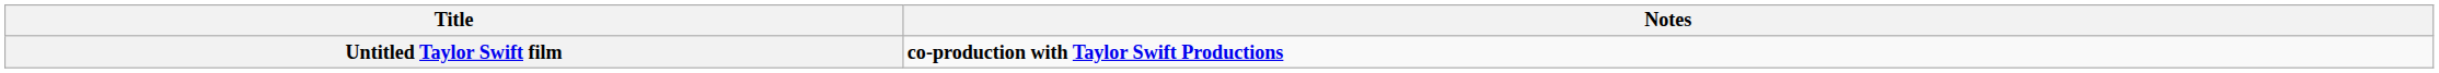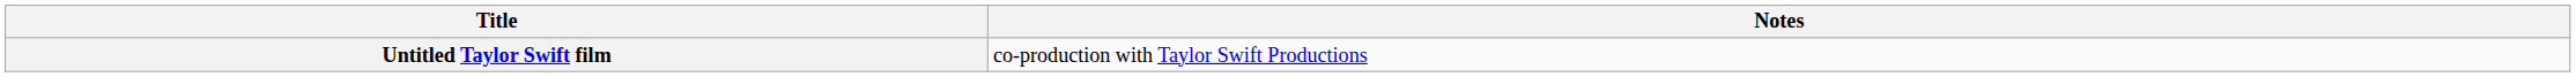 <table class="wikitable plainrowheaders sortable" style="width:99%;">
 <tr>
 <th scope="col">Title</th>
 <th scope="col" class="unsortable">Notes</th>
 </tr>
 <tr>
 <th scope="row">Untitled <a href='#'>Taylor Swift</a> film</th>
-<td><strong>co-production with <a href='#'>Taylor Swift Productions</a></strong></td>
+<td>co-production with <a href='#'>Taylor Swift Productions</a></td>
 </tr>
 </table>
